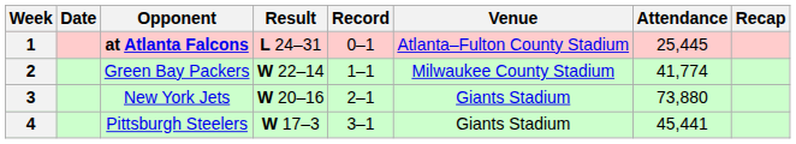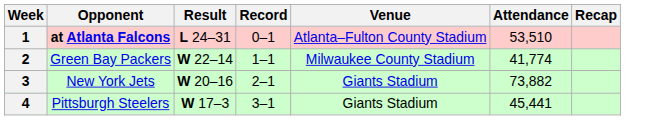 <table class="wikitable" style="text-align:center">
 <tr>
 <th>Week</th>
-<th>Date</th>
 <th>Opponent</th>
 <th>Result</th>
 <th>Record</th>
 <th>Venue</th>
 <th>Attendance</th>
 <th>Recap</th>
 </tr>
 <tr style="text-align:center; background:#fcc;">
 <th>1</th>
-<td></td>
 <td><strong>at <a href='#'>Atlanta Falcons</a></strong></td>
 <td><strong>L</strong> 24–31</td>
 <td>0–1</td>
 <td><a href='#'>Atlanta–Fulton County Stadium</a></td>
-<td>25,445</td>
+<td>53,510</td>
 <td></td>
 </tr>
 <tr style="text-align:center; background:#cfc;">
 <th>2</th>
-<td></td>
 <td><a href='#'>Green Bay Packers</a></td>
 <td><strong>W</strong> 22–14</td>
 <td>1–1</td>
 <td><a href='#'>Milwaukee County Stadium</a></td>
 <td>41,774</td>
 <td></td>
 </tr>
 <tr style="text-align:center; background:#cfc;">
 <th>3</th>
-<td></td>
 <td><a href='#'>New York Jets</a></td>
 <td><strong>W</strong> 20–16</td>
 <td>2–1</td>
 <td><a href='#'>Giants Stadium</a></td>
-<td>73,880</td>
+<td>73,882</td>
 <td></td>
 </tr>
 <tr style="text-align:center; background:#cfc;">
 <th>4</th>
-<td></td>
 <td><a href='#'>Pittsburgh Steelers</a></td>
 <td><strong>W</strong> 17–3</td>
 <td>3–1</td>
 <td>Giants Stadium</td>
 <td>45,441</td>
 <td></td>
 </tr>
 </table>
